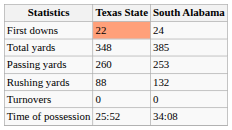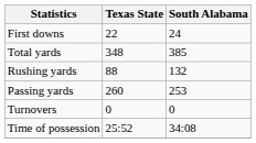 <table class="wikitable">
 <tr>
 <th>Statistics</th>
 <th>Texas State</th>
 <th>South Alabama</th>
 </tr>
 <tr>
 <td>First downs</td>
-<td style="background: lightsalmon;">22</td>
+<td>22</td>
 <td>24</td>
 </tr>
 <tr>
 <td>Total yards</td>
 <td>348</td>
 <td>385</td>
 </tr>
 <tr>
+<td>Rushing yards</td>
+<td>88</td>
+<td>132</td>
+</tr>
+<tr>
 <td>Passing yards</td>
 <td>260</td>
 <td>253</td>
-</tr>
-<tr>
-<td>Rushing yards</td>
-<td>88</td>
-<td>132</td>
 </tr>
 <tr>
 <td>Turnovers</td>
 <td>0</td>
 <td>0</td>
 </tr>
 <tr>
 <td>Time of possession</td>
 <td>25:52</td>
 <td>34:08</td>
 </tr>
 <tr>
 </tr>
 </table>
